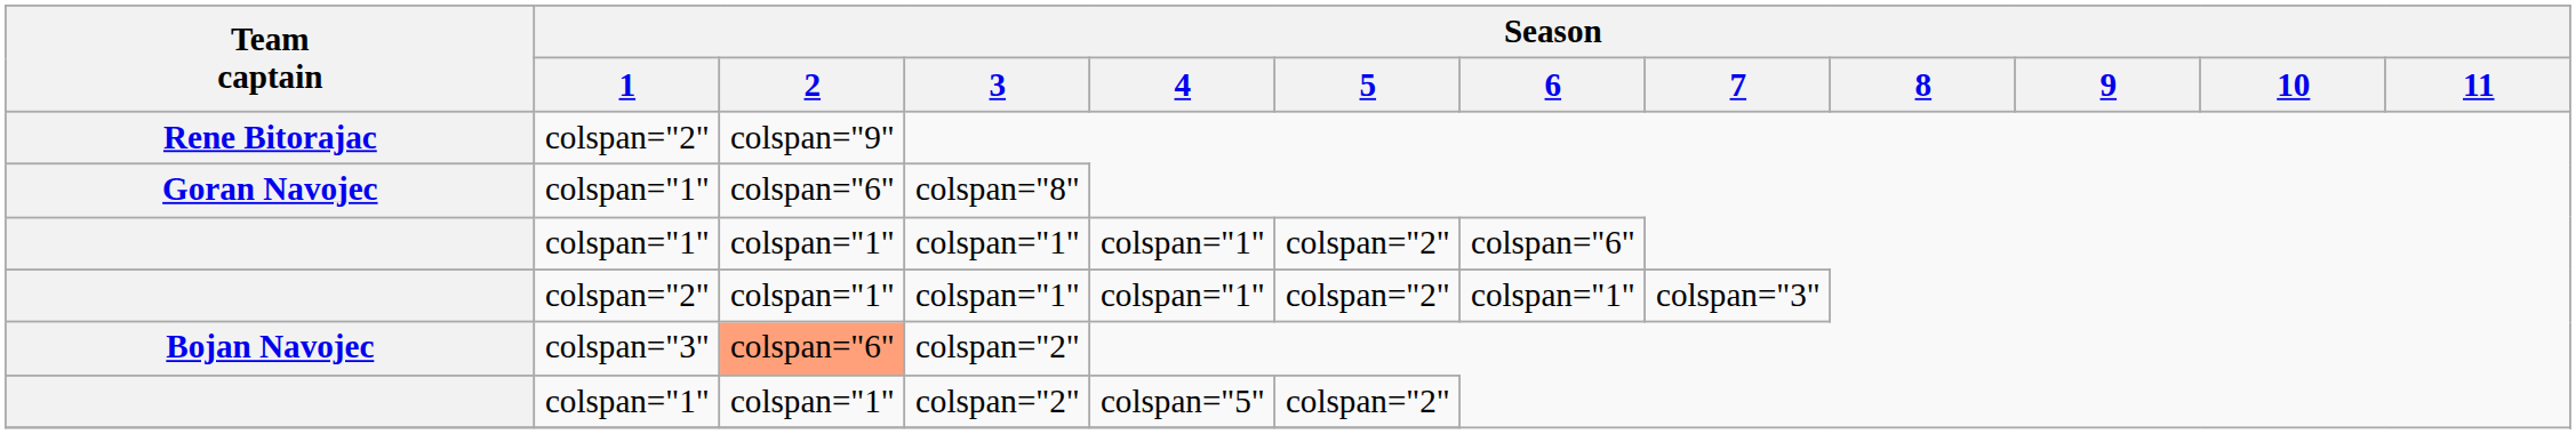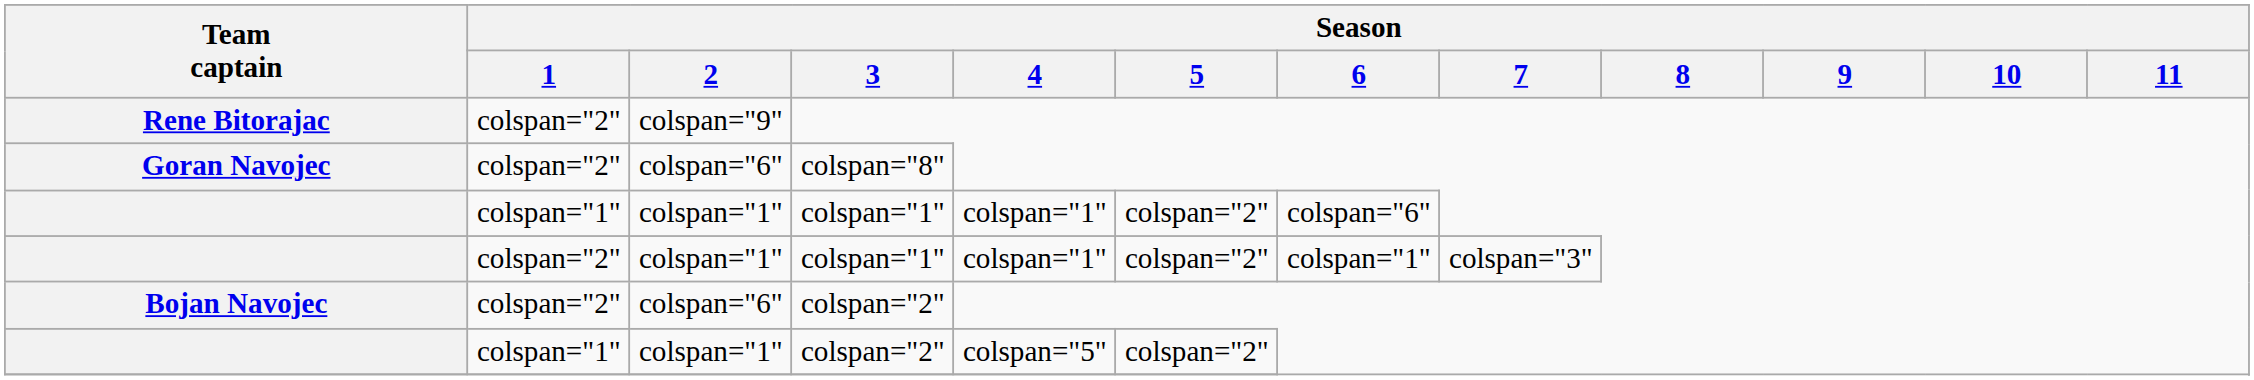 <table class="wikitable plainrowheaders" style="text-align:center">
 <tr>
 <th rowspan="2" style="width:20%;" scope="col">Team <br> captain</th>
 <th colspan="11">Season</th>
 </tr>
 <tr>
 <th style="width:7%;" scope="colspan"><a href='#'>1</a></th>
 <th style="width:7%;" scope="colspan"><a href='#'>2</a></th>
 <th style="width:7%;" scope="colspan"><a href='#'>3</a></th>
 <th style="width:7%;" scope="colspan"><a href='#'>4</a></th>
 <th style="width:7%;" scope="colspan"><a href='#'>5</a></th>
 <th style="width:7%;" scope="colspan"><a href='#'>6</a></th>
 <th style="width:7%;" scope="colspan"><a href='#'>7</a></th>
 <th style="width:7%;" scope="colspan"><a href='#'>8</a></th>
 <th style="width:7%;" scope="colspan"><a href='#'>9</a></th>
 <th style="width:7%;" scope="colspan"><a href='#'>10</a></th>
 <th style="width:7%;" scope="colspan"><a href='#'>11</a></th>
 </tr>
 <tr>
 <th scope="row" style="text-align: center;"><a href='#'>Rene Bitorajac</a></th>
 <td>colspan="2" </td>
 <td>colspan="9" </td>
 </tr>
 <tr>
 <th scope="row" style="text-align: center;"><a href='#'>Goran Navojec</a></th>
-<td>colspan="1" </td>
+<td>colspan="2" </td>
 <td>colspan="6" </td>
 <td>colspan="8" </td>
 </tr>
 <tr>
 <th scope="row" style="text-align: center;"></th>
 <td>colspan="1" </td>
 <td>colspan="1" </td>
 <td>colspan="1" </td>
 <td>colspan="1" </td>
 <td>colspan="2" </td>
 <td>colspan="6" </td>
 </tr>
 <tr>
 <th scope="row" style="text-align: center;"></th>
 <td>colspan="2" </td>
 <td>colspan="1" </td>
 <td>colspan="1" </td>
 <td>colspan="1" </td>
 <td>colspan="2" </td>
 <td>colspan="1" </td>
 <td>colspan="3" </td>
 </tr>
 <tr>
 <th scope="row" style="text-align: center;"><a href='#'>Bojan Navojec</a></th>
-<td>colspan="3" </td>
-<td style="background: lightsalmon;">colspan="6" </td>
+<td>colspan="2" </td>
+<td>colspan="6" </td>
 <td>colspan="2" </td>
 </tr>
 <tr>
 <th scope="row" style="text-align: center;"></th>
 <td>colspan="1" </td>
 <td>colspan="1" </td>
 <td>colspan="2" </td>
 <td>colspan="5" </td>
 <td>colspan="2" </td>
 </tr>
 <tr>
 </tr>
 </table>
